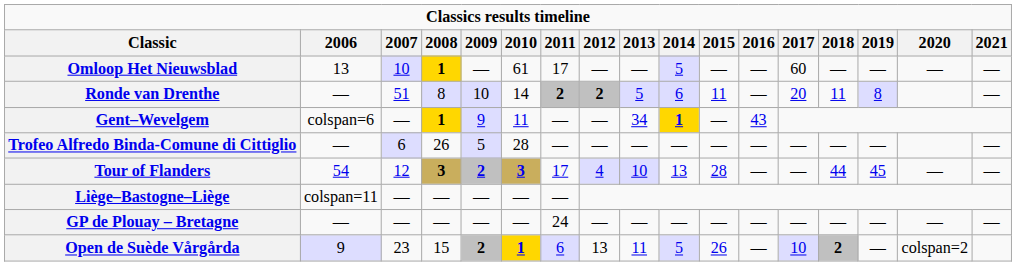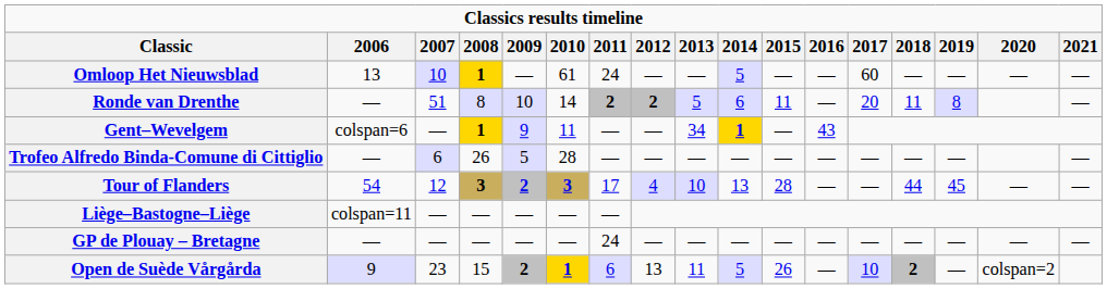 <table class="wikitable plainrowheaders">
 <tr>
 <td colspan=20 align=center><strong>Classics results timeline</strong></td>
 </tr>
 <tr style="background:#EEEEEE;">
 <th>Classic</th>
 <th>2006</th>
 <th>2007</th>
 <th>2008</th>
 <th>2009</th>
 <th>2010</th>
 <th>2011</th>
 <th>2012</th>
 <th>2013</th>
 <th>2014</th>
 <th>2015</th>
 <th>2016</th>
 <th>2017</th>
 <th>2018</th>
 <th>2019</th>
 <th>2020</th>
 <th>2021</th>
 </tr>
 <tr style="text-align:center;">
 <th scope="row"><a href='#'>Omloop Het Nieuwsblad</a></th>
 <td>13</td>
 <td style="background:#ddf;"><a href='#'>10</a></td>
 <td style="background:gold;"><strong>1</strong></td>
 <td>—</td>
 <td>61</td>
-<td>17</td>
+<td>24</td>
 <td>—</td>
 <td>—</td>
 <td style="background:#ddf;"><a href='#'>5</a></td>
 <td>—</td>
 <td>—</td>
 <td>60</td>
 <td>—</td>
 <td>—</td>
 <td>—</td>
 <td>—</td>
 </tr>
 <tr style="text-align:center;">
 <th scope="row"><a href='#'>Ronde van Drenthe</a></th>
 <td>—</td>
 <td><a href='#'>51</a></td>
 <td style="background:#ddf;">8</td>
 <td style="background:#ddf;">10</td>
 <td>14</td>
 <td style="background:silver;"><strong>2</strong></td>
 <td style="background:silver;"><strong>2</strong></td>
 <td style="background:#ddf;"><a href='#'>5</a></td>
 <td style="background:#ddf;"><a href='#'>6</a></td>
 <td><a href='#'>11</a></td>
 <td>—</td>
 <td><a href='#'>20</a></td>
 <td><a href='#'>11</a></td>
 <td style="background:#ddf;"><a href='#'>8</a></td>
 <td></td>
 <td>—</td>
 </tr>
 <tr style="text-align:center;">
 <th scope="row"><a href='#'>Gent–Wevelgem</a></th>
 <td>colspan=6 </td>
 <td>—</td>
 <td style="background:gold;"><strong>1</strong></td>
 <td style="background:#ddf;"><a href='#'>9</a></td>
 <td><a href='#'>11</a></td>
 <td>—</td>
 <td>—</td>
 <td><a href='#'>34</a></td>
 <td style="background:gold;"><a href='#'><strong>1</strong></a></td>
 <td>—</td>
 <td><a href='#'>43</a></td>
 </tr>
 <tr style="text-align:center;">
 <th scope="row"><a href='#'>Trofeo Alfredo Binda-Comune di Cittiglio</a></th>
 <td>—</td>
 <td style="background:#ddf;">6</td>
 <td>26</td>
 <td style="background:#ddf;">5</td>
 <td>28</td>
 <td>—</td>
 <td>—</td>
 <td>—</td>
 <td>—</td>
 <td>—</td>
 <td>—</td>
 <td>—</td>
 <td>—</td>
 <td>—</td>
 <td></td>
 <td>—</td>
 </tr>
 <tr style="text-align:center;">
 <th scope="row"><a href='#'>Tour of Flanders</a></th>
 <td><a href='#'>54</a></td>
 <td><a href='#'>12</a></td>
 <td style="background:#C9AE5D;"><strong>3</strong></td>
 <td style="background:#C0C0C0;"><a href='#'><strong>2</strong></a></td>
 <td style="background:#C9AE5D;"><a href='#'><strong>3</strong></a></td>
 <td><a href='#'>17</a></td>
 <td style="background:#ddf;"><a href='#'>4</a></td>
 <td style="background:#ddf;"><a href='#'>10</a></td>
 <td><a href='#'>13</a></td>
 <td><a href='#'>28</a></td>
 <td>—</td>
 <td>—</td>
 <td><a href='#'>44</a></td>
 <td><a href='#'>45</a></td>
 <td>—</td>
 <td>—</td>
 </tr>
 <tr style="text-align:center;">
 <th scope="row"><a href='#'>Liège–Bastogne–Liège</a></th>
 <td>colspan=11 </td>
 <td>—</td>
 <td>—</td>
 <td>—</td>
 <td>—</td>
 <td>—</td>
 </tr>
 <tr style="text-align:center;">
 <th scope="row"><a href='#'>GP de Plouay – Bretagne</a></th>
 <td>—</td>
 <td>—</td>
 <td>—</td>
 <td>—</td>
 <td>—</td>
 <td>24</td>
 <td>—</td>
 <td>—</td>
 <td>—</td>
 <td>—</td>
 <td>—</td>
 <td>—</td>
 <td>—</td>
 <td>—</td>
 <td>—</td>
 <td>—</td>
 </tr>
 <tr style="text-align:center;">
 <th scope="row"><a href='#'>Open de Suède Vårgårda</a></th>
 <td style="background:#ddf;">9</td>
 <td>23</td>
 <td>15</td>
 <td style="background:#C0C0C0;"><strong>2</strong></td>
 <td style="background:gold;"><a href='#'><strong>1</strong></a></td>
 <td style="background:#ddf;"><a href='#'>6</a></td>
 <td>13</td>
 <td><a href='#'>11</a></td>
 <td style="background:#ddf;"><a href='#'>5</a></td>
 <td><a href='#'>26</a></td>
 <td>—</td>
 <td style="background:#ddf;"><a href='#'>10</a></td>
 <td style="background:#C0C0C0;"><strong>2</strong></td>
 <td>—</td>
 <td>colspan=2 </td>
 </tr>
 </table>
